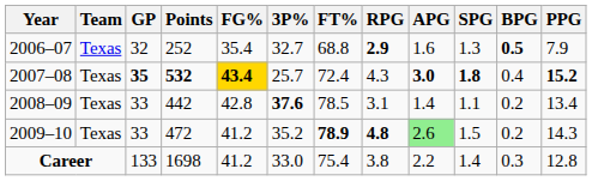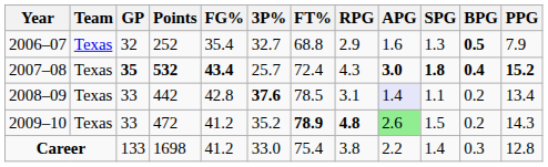 <table class="wikitable sortable">
 <tr>
 <th>Year</th>
 <th>Team</th>
 <th>GP</th>
 <th>Points</th>
 <th>FG%</th>
 <th>3P%</th>
 <th>FT%</th>
 <th>RPG</th>
 <th>APG</th>
 <th>SPG</th>
 <th>BPG</th>
 <th>PPG</th>
 </tr>
 <tr>
 <td>2006–07</td>
 <td><a href='#'>Texas</a></td>
 <td>32</td>
 <td>252</td>
 <td>35.4</td>
 <td>32.7</td>
 <td>68.8</td>
-<td><strong>2.9</strong></td>
+<td>2.9</td>
 <td>1.6</td>
 <td>1.3</td>
 <td><strong>0.5</strong></td>
 <td>7.9</td>
 </tr>
 <tr>
 <td>2007–08</td>
 <td>Texas</td>
 <td><strong>35</strong></td>
 <td><strong>532</strong></td>
-<td style="background: gold;"><strong>43.4</strong></td>
+<td><strong>43.4</strong></td>
 <td>25.7</td>
 <td>72.4</td>
 <td>4.3</td>
 <td><strong>3.0</strong></td>
 <td><strong>1.8</strong></td>
-<td>0.4</td>
+<td><strong>0.4</strong></td>
 <td><strong>15.2</strong></td>
 </tr>
 <tr>
 <td>2008–09</td>
 <td>Texas</td>
 <td>33</td>
 <td>442</td>
 <td>42.8</td>
 <td><strong>37.6</strong></td>
 <td>78.5</td>
 <td>3.1</td>
-<td>1.4</td>
+<td style="background: lavender;">1.4</td>
 <td>1.1</td>
 <td>0.2</td>
 <td>13.4</td>
 </tr>
 <tr>
 <td>2009–10</td>
 <td>Texas</td>
 <td>33</td>
 <td>472</td>
 <td>41.2</td>
 <td>35.2</td>
 <td><strong>78.9</strong></td>
 <td><strong>4.8</strong></td>
 <td style="background: lightgreen;">2.6</td>
 <td>1.5</td>
 <td>0.2</td>
 <td>14.3</td>
 </tr>
 <tr class="sortbottom">
 <td colspan=2 align=center><strong>Career</strong></td>
 <td>133</td>
 <td>1698</td>
 <td>41.2</td>
 <td>33.0</td>
 <td>75.4</td>
 <td>3.8</td>
 <td>2.2</td>
 <td>1.4</td>
 <td>0.3</td>
 <td>12.8</td>
 </tr>
 </table>
